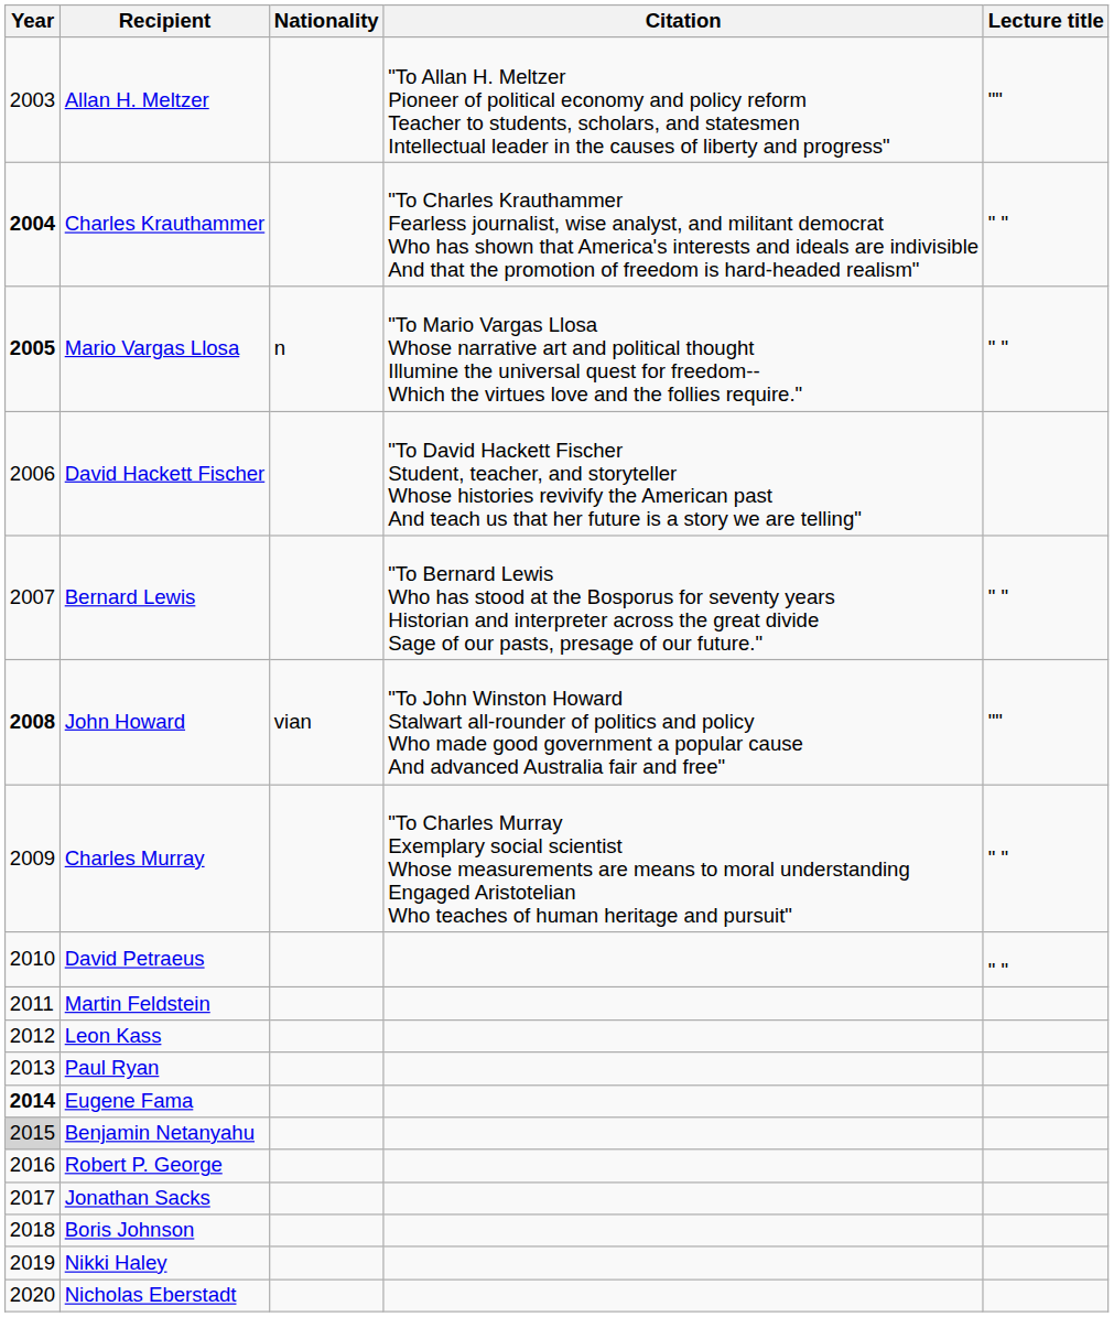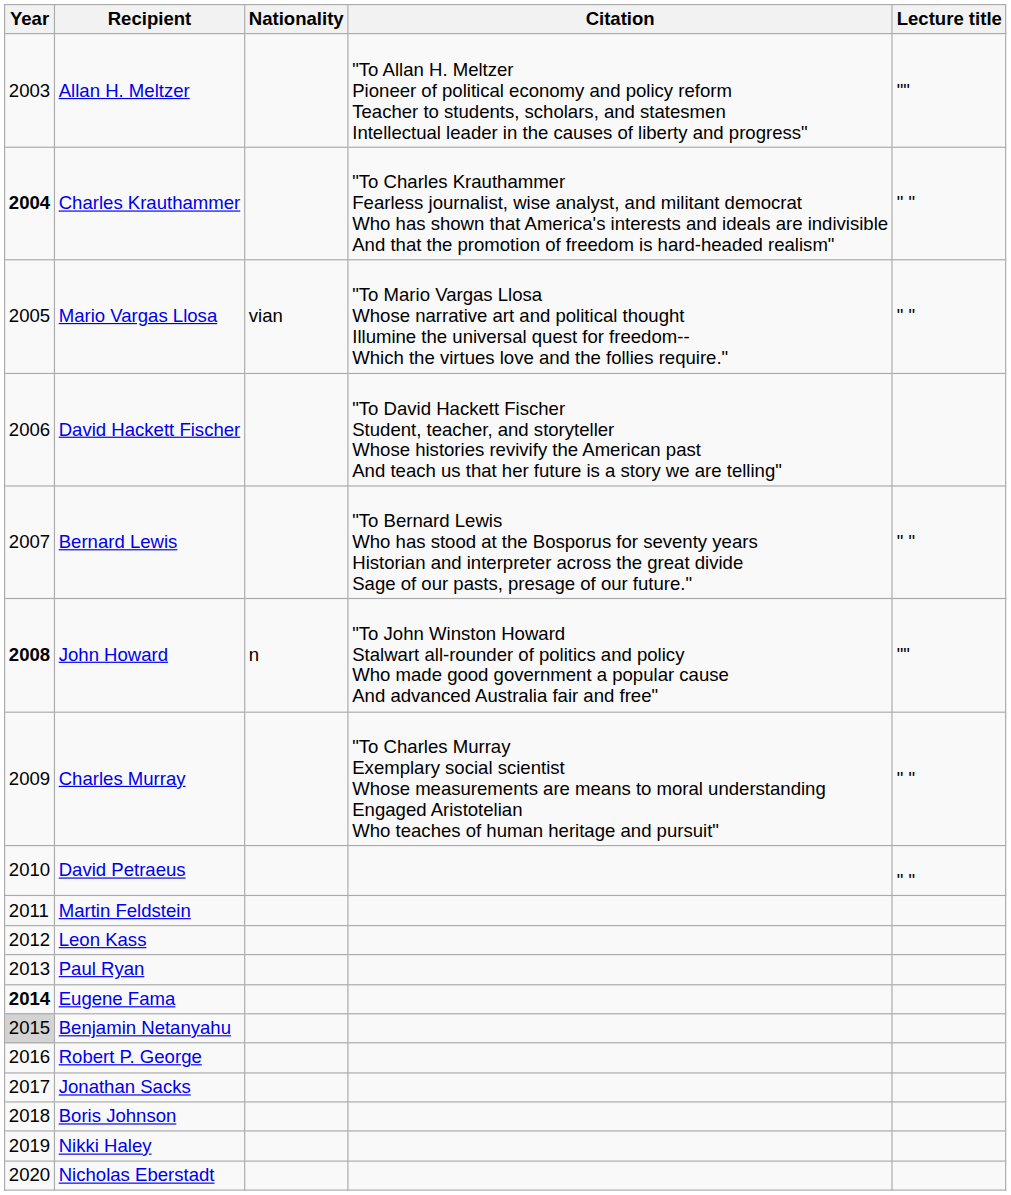 <table class="wikitable">
 <tr>
 <th>Year</th>
 <th>Recipient</th>
 <th>Nationality</th>
 <th>Citation</th>
 <th>Lecture title</th>
 </tr>
 <tr>
 <td>2003</td>
 <td><a href='#'>Allan H. Meltzer</a></td>
 <td></td>
 <td><br>"To Allan H. Meltzer<br> Pioneer of political economy and policy reform<br> Teacher to students, scholars, and statesmen<br> Intellectual leader in the causes of liberty and progress"</td>
 <td>""</td>
 </tr>
 <tr>
 <td><strong>2004</strong></td>
 <td><a href='#'>Charles Krauthammer</a></td>
 <td></td>
 <td><br>"To Charles Krauthammer<br> Fearless journalist, wise analyst, and militant democrat<br> Who has shown that America's interests and ideals are indivisible<br> And that the promotion of freedom is hard-headed realism"</td>
 <td>" "</td>
 </tr>
 <tr>
-<td><strong>2005</strong></td>
+<td>2005</td>
 <td><a href='#'>Mario Vargas Llosa</a></td>
-<td>n</td>
+<td>vian</td>
 <td><br>"To Mario Vargas Llosa<br> Whose narrative art and political thought<br> Illumine the universal quest for freedom--<br> Which the virtues love and the follies require."</td>
 <td>" "</td>
 </tr>
 <tr>
 <td>2006</td>
 <td><a href='#'>David Hackett Fischer</a></td>
 <td></td>
 <td><br>"To David Hackett Fischer<br> Student, teacher, and storyteller<br> Whose histories revivify the American past<br> And teach us that her future is a story we are telling"</td>
 </tr>
 <tr>
 <td>2007</td>
 <td><a href='#'>Bernard Lewis</a></td>
 <td><br></td>
 <td><br>"To Bernard Lewis<br> Who has stood at the Bosporus for seventy years<br> Historian and interpreter across the great divide<br> Sage of our pasts, presage of our future."</td>
 <td>" "</td>
 </tr>
 <tr>
 <td><strong>2008</strong></td>
 <td><a href='#'>John Howard</a></td>
-<td>vian</td>
+<td>n</td>
 <td><br>"To John Winston Howard<br> Stalwart all-rounder of politics and policy<br> Who made good government a popular cause<br> And advanced Australia fair and free"</td>
 <td>""</td>
 </tr>
 <tr>
 <td>2009</td>
 <td><a href='#'>Charles Murray</a></td>
 <td></td>
 <td><br>"To Charles Murray<br> Exemplary social scientist<br> Whose measurements are means to moral understanding<br> Engaged Aristotelian<br> Who teaches of human heritage and pursuit"</td>
 <td>" "</td>
 </tr>
 <tr>
 <td>2010</td>
 <td><a href='#'>David Petraeus</a></td>
 <td></td>
 <td></td>
 <td><br>" "</td>
 </tr>
 <tr>
 <td>2011</td>
 <td><a href='#'>Martin Feldstein</a></td>
 <td></td>
 <td></td>
 <td><br></td>
 </tr>
 <tr>
 <td>2012</td>
 <td><a href='#'>Leon Kass</a></td>
 <td></td>
 <td></td>
 <td></td>
 </tr>
 <tr>
 <td>2013</td>
 <td><a href='#'>Paul Ryan</a></td>
 <td></td>
 <td></td>
 <td></td>
 </tr>
 <tr>
 <td><strong>2014</strong></td>
 <td><a href='#'>Eugene Fama</a></td>
 <td></td>
 <td></td>
 <td></td>
 </tr>
 <tr>
 <td style="background: lightgrey;">2015</td>
 <td><a href='#'>Benjamin Netanyahu</a></td>
 <td></td>
 <td></td>
 <td></td>
 </tr>
 <tr>
 <td>2016</td>
 <td><a href='#'>Robert P. George</a></td>
 <td></td>
 <td></td>
 <td></td>
 </tr>
 <tr>
 <td>2017</td>
 <td><a href='#'>Jonathan Sacks</a></td>
 <td></td>
 <td></td>
 <td></td>
 </tr>
 <tr>
 <td>2018</td>
 <td><a href='#'>Boris Johnson</a></td>
 <td></td>
 <td></td>
 <td></td>
 </tr>
 <tr>
 <td>2019</td>
 <td><a href='#'>Nikki Haley</a></td>
 <td></td>
 <td></td>
 <td></td>
 </tr>
 <tr>
 <td>2020</td>
 <td><a href='#'>Nicholas Eberstadt</a></td>
 <td></td>
 <td></td>
 <td></td>
 </tr>
 </table>
